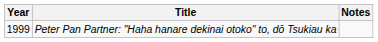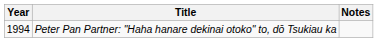 <table class="wikitable">
 <tr>
 <th>Year</th>
 <th>Title</th>
 <th>Notes</th>
 </tr>
 <tr>
-<td>1999</td>
+<td>1994</td>
 <td><em>Peter Pan Partner: "Haha hanare dekinai otoko" to, dō Tsukiau ka</em></td>
 <td></td>
 </tr>
 </table>
